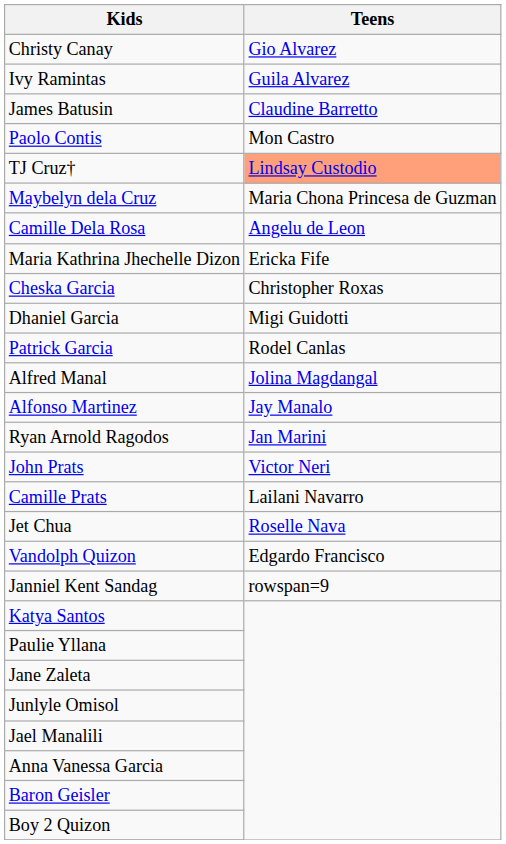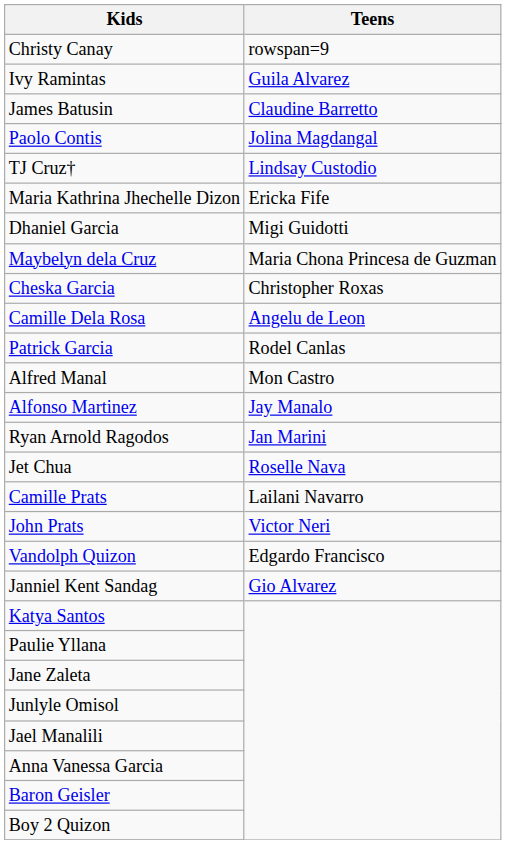 <table class="wikitable" style="font-size: 95%;">
 <tr>
 <th>Kids</th>
 <th>Teens</th>
 </tr>
 <tr>
 <td>Christy Canay</td>
-<td><a href='#'>Gio Alvarez</a></td>
+<td>rowspan=9 </td>
 </tr>
 <tr>
 <td>Ivy Ramintas</td>
 <td><a href='#'>Guila Alvarez</a></td>
 </tr>
 <tr>
 <td>James Batusin</td>
 <td><a href='#'>Claudine Barretto</a></td>
 </tr>
 <tr>
 <td><a href='#'>Paolo Contis</a></td>
-<td>Mon Castro</td>
+<td><a href='#'>Jolina Magdangal</a></td>
 </tr>
 <tr>
 <td>TJ Cruz†</td>
-<td style="background: lightsalmon;"><a href='#'>Lindsay Custodio</a></td>
+<td><a href='#'>Lindsay Custodio</a></td>
+</tr>
+<tr>
+<td>Maria Kathrina Jhechelle Dizon</td>
+<td>Ericka Fife</td>
+</tr>
+<tr>
+<td>Dhaniel Garcia</td>
+<td>Migi Guidotti</td>
 </tr>
 <tr>
 <td><a href='#'>Maybelyn dela Cruz</a></td>
 <td>Maria Chona Princesa de Guzman</td>
 </tr>
 <tr>
-<td><a href='#'>Camille Dela Rosa</a></td>
-<td><a href='#'>Angelu de Leon</a></td>
-</tr>
-<tr>
-<td>Maria Kathrina Jhechelle Dizon</td>
-<td>Ericka Fife</td>
-</tr>
-<tr>
 <td><a href='#'>Cheska Garcia</a></td>
 <td>Christopher Roxas</td>
 </tr>
 <tr>
-<td>Dhaniel Garcia</td>
-<td>Migi Guidotti</td>
+<td><a href='#'>Camille Dela Rosa</a></td>
+<td><a href='#'>Angelu de Leon</a></td>
 </tr>
 <tr>
 <td><a href='#'>Patrick Garcia</a></td>
 <td>Rodel Canlas</td>
 </tr>
 <tr>
 <td>Alfred Manal</td>
-<td><a href='#'>Jolina Magdangal</a></td>
+<td>Mon Castro</td>
 </tr>
 <tr>
 <td><a href='#'>Alfonso Martinez</a></td>
 <td><a href='#'>Jay Manalo</a></td>
 </tr>
 <tr>
 <td>Ryan Arnold Ragodos</td>
 <td><a href='#'>Jan Marini</a></td>
 </tr>
 <tr>
-<td><a href='#'>John Prats</a></td>
-<td><a href='#'>Victor Neri</a></td>
+<td>Jet Chua</td>
+<td><a href='#'>Roselle Nava</a></td>
 </tr>
 <tr>
 <td><a href='#'>Camille Prats</a></td>
 <td>Lailani Navarro</td>
 </tr>
 <tr>
-<td>Jet Chua</td>
-<td><a href='#'>Roselle Nava</a></td>
+<td><a href='#'>John Prats</a></td>
+<td><a href='#'>Victor Neri</a></td>
 </tr>
 <tr>
 <td><a href='#'>Vandolph Quizon</a></td>
 <td>Edgardo Francisco</td>
 </tr>
 <tr>
 <td>Janniel Kent Sandag</td>
-<td>rowspan=9 </td>
+<td><a href='#'>Gio Alvarez</a></td>
 </tr>
 <tr>
 <td><a href='#'>Katya Santos</a></td>
 </tr>
 <tr>
 <td>Paulie Yllana</td>
 </tr>
 <tr>
 <td>Jane Zaleta</td>
 </tr>
 <tr>
 <td>Junlyle Omisol</td>
 </tr>
 <tr>
 <td>Jael Manalili</td>
 </tr>
 <tr>
 <td>Anna Vanessa Garcia</td>
 </tr>
 <tr>
 <td><a href='#'>Baron Geisler</a></td>
 </tr>
 <tr>
 <td>Boy 2 Quizon</td>
 </tr>
 <tr Raymund Lacsamana>
 </tr>
 </table>
